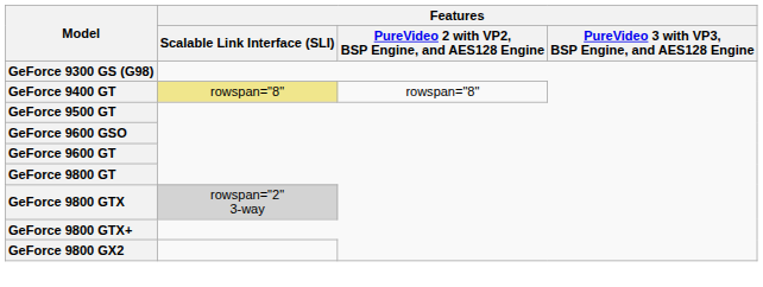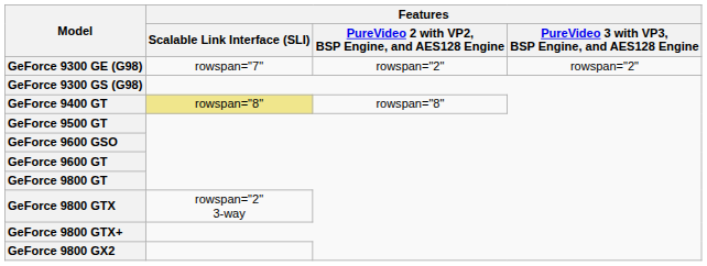 <table class="mw-datatable wikitable sortable sort-under" style="font-size:85%; text-align:center;">
 <tr>
 <th rowspan="2">Model</th>
 <th colspan="3">Features</th>
 </tr>
 <tr>
 <th>Scalable Link Interface (SLI)</th>
 <th><a href='#'>PureVideo</a> 2 with VP2,<br>BSP Engine, and AES128 Engine</th>
 <th><a href='#'>PureVideo</a> 3 with VP3,<br>BSP Engine, and AES128 Engine</th>
+</tr>
+<tr>
+<th style="text-align:left;">GeForce 9300 GE (G98)</th>
+<td>rowspan="7" </td>
+<td>rowspan="2" </td>
+<td>rowspan="2" </td>
 </tr>
 <tr>
 <th style="text-align:left;">GeForce 9300 GS (G98)</th>
 </tr>
 <tr>
 <th style="text-align:left;">GeForce 9400 GT</th>
 <td style="background: khaki;">rowspan="8" </td>
 <td>rowspan="8" </td>
 </tr>
 <tr>
 <th style="text-align:left;">GeForce 9500 GT</th>
 </tr>
 <tr>
 <th style="text-align:left;">GeForce 9600 GSO</th>
 </tr>
 <tr>
 <th style="text-align:left;">GeForce 9600 GT</th>
 </tr>
 <tr>
 <th style="text-align:left;">GeForce 9800 GT</th>
 </tr>
 <tr>
 <th style="text-align:left;">GeForce 9800 GTX</th>
-<td style="background: lightgrey;">rowspan="2" <br>3-way</td>
+<td>rowspan="2" <br>3-way</td>
 </tr>
 <tr>
 <th style="text-align:left;">GeForce 9800 GTX+</th>
 </tr>
 <tr>
 <th style="text-align:left;">GeForce 9800 GX2</th>
 <td></td>
 </tr>
 </table>
